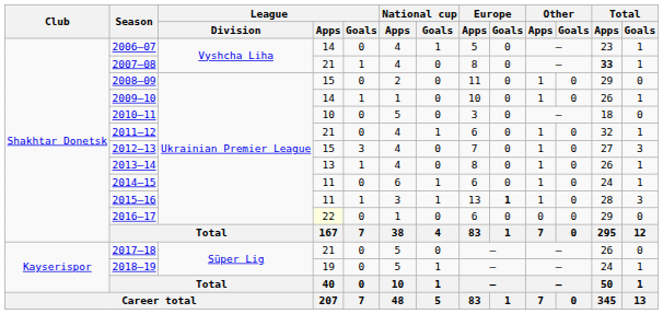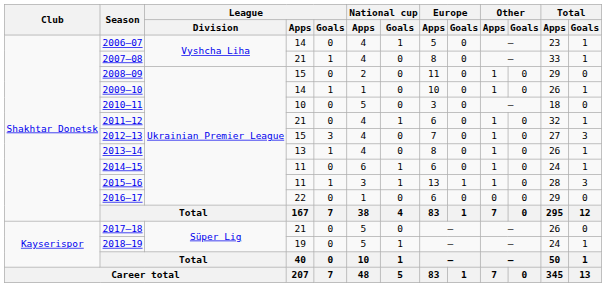 <table class="wikitable" style="text-align:center">
 <tr>
 <th rowspan="2">Club</th>
 <th rowspan="2">Season</th>
 <th colspan="3">League</th>
 <th colspan="2">National cup</th>
 <th colspan="2">Europe</th>
 <th colspan="2">Other</th>
 <th colspan="2">Total</th>
 </tr>
 <tr>
 <th>Division</th>
 <th>Apps</th>
 <th>Goals</th>
 <th>Apps</th>
 <th>Goals</th>
 <th>Apps</th>
 <th>Goals</th>
 <th>Apps</th>
 <th>Goals</th>
 <th>Apps</th>
 <th>Goals</th>
 </tr>
 <tr>
 <td rowspan="12"><a href='#'>Shakhtar Donetsk</a></td>
 <td><a href='#'>2006–07</a></td>
 <td rowspan="2"><a href='#'>Vyshcha Liha</a></td>
 <td>14</td>
 <td>0</td>
 <td>4</td>
 <td>1</td>
 <td>5</td>
 <td>0</td>
 <td colspan="2">–</td>
 <td>23</td>
 <td>1</td>
 </tr>
 <tr>
 <td><a href='#'>2007–08</a></td>
 <td>21</td>
 <td>1</td>
 <td>4</td>
 <td>0</td>
 <td>8</td>
 <td>0</td>
 <td colspan="2">–</td>
-<td><strong>33</strong></td>
+<td>33</td>
 <td>1</td>
 </tr>
 <tr>
 <td><a href='#'>2008–09</a></td>
 <td rowspan="9"><a href='#'>Ukrainian Premier League</a></td>
 <td>15</td>
 <td>0</td>
 <td>2</td>
 <td>0</td>
 <td>11</td>
 <td>0</td>
 <td>1</td>
 <td>0</td>
 <td>29</td>
 <td>0</td>
 </tr>
 <tr>
 <td><a href='#'>2009–10</a></td>
 <td>14</td>
 <td>1</td>
 <td>1</td>
 <td>0</td>
 <td>10</td>
 <td>0</td>
 <td>1</td>
 <td>0</td>
 <td>26</td>
 <td>1</td>
 </tr>
 <tr>
 <td><a href='#'>2010–11</a></td>
 <td>10</td>
 <td>0</td>
 <td>5</td>
 <td>0</td>
 <td>3</td>
 <td>0</td>
 <td colspan="2">–</td>
 <td>18</td>
 <td>0</td>
 </tr>
 <tr>
 <td><a href='#'>2011–12</a></td>
 <td>21</td>
 <td>0</td>
 <td>4</td>
 <td>1</td>
 <td>6</td>
 <td>0</td>
 <td>1</td>
 <td>0</td>
 <td>32</td>
 <td>1</td>
 </tr>
 <tr>
 <td><a href='#'>2012–13</a></td>
 <td>15</td>
 <td>3</td>
 <td>4</td>
 <td>0</td>
 <td>7</td>
 <td>0</td>
 <td>1</td>
 <td>0</td>
 <td>27</td>
 <td>3</td>
 </tr>
 <tr>
 <td><a href='#'>2013–14</a></td>
 <td>13</td>
 <td>1</td>
 <td>4</td>
 <td>0</td>
 <td>8</td>
 <td>0</td>
 <td>1</td>
 <td>0</td>
 <td>26</td>
 <td>1</td>
 </tr>
 <tr>
 <td><a href='#'>2014–15</a></td>
 <td>11</td>
 <td>0</td>
 <td>6</td>
 <td>1</td>
 <td>6</td>
 <td>0</td>
 <td>1</td>
 <td>0</td>
 <td>24</td>
 <td>1</td>
 </tr>
 <tr>
 <td><a href='#'>2015–16</a></td>
 <td>11</td>
 <td>1</td>
 <td>3</td>
 <td>1</td>
 <td>13</td>
-<td><strong>1</strong></td>
+<td>1</td>
 <td>1</td>
 <td>0</td>
 <td>28</td>
 <td>3</td>
 </tr>
 <tr>
 <td><a href='#'>2016–17</a></td>
-<td style="background: lightyellow;">22</td>
+<td>22</td>
 <td>0</td>
 <td>1</td>
 <td>0</td>
 <td>6</td>
 <td>0</td>
 <td>0</td>
 <td>0</td>
 <td>29</td>
 <td>0</td>
 </tr>
 <tr>
 <th colspan="2">Total</th>
 <th>167</th>
 <th>7</th>
 <th>38</th>
 <th>4</th>
 <th>83</th>
 <th>1</th>
 <th>7</th>
 <th>0</th>
 <th>295</th>
 <th>12</th>
 </tr>
 <tr>
 <td rowspan="3"><a href='#'>Kayserispor</a></td>
 <td><a href='#'>2017–18</a></td>
 <td rowspan="2"><a href='#'>Süper Lig</a></td>
 <td>21</td>
 <td>0</td>
 <td>5</td>
 <td>0</td>
 <td colspan="2">–</td>
 <td colspan="2">–</td>
 <td>26</td>
 <td>0</td>
 </tr>
 <tr>
 <td><a href='#'>2018–19</a></td>
 <td>19</td>
 <td>0</td>
 <td>5</td>
 <td>1</td>
 <td colspan="2">–</td>
 <td colspan="2">–</td>
 <td>24</td>
 <td>1</td>
 </tr>
 <tr>
 <th colspan="2">Total</th>
 <th>40</th>
 <th>0</th>
 <th>10</th>
 <th>1</th>
 <th colspan="2">–</th>
 <th colspan="2">–</th>
 <th>50</th>
 <th>1</th>
 </tr>
 <tr>
 <th colspan="3">Career total</th>
 <th>207</th>
 <th>7</th>
 <th>48</th>
 <th>5</th>
 <th>83</th>
 <th>1</th>
 <th>7</th>
 <th>0</th>
 <th>345</th>
 <th>13</th>
 </tr>
 </table>
